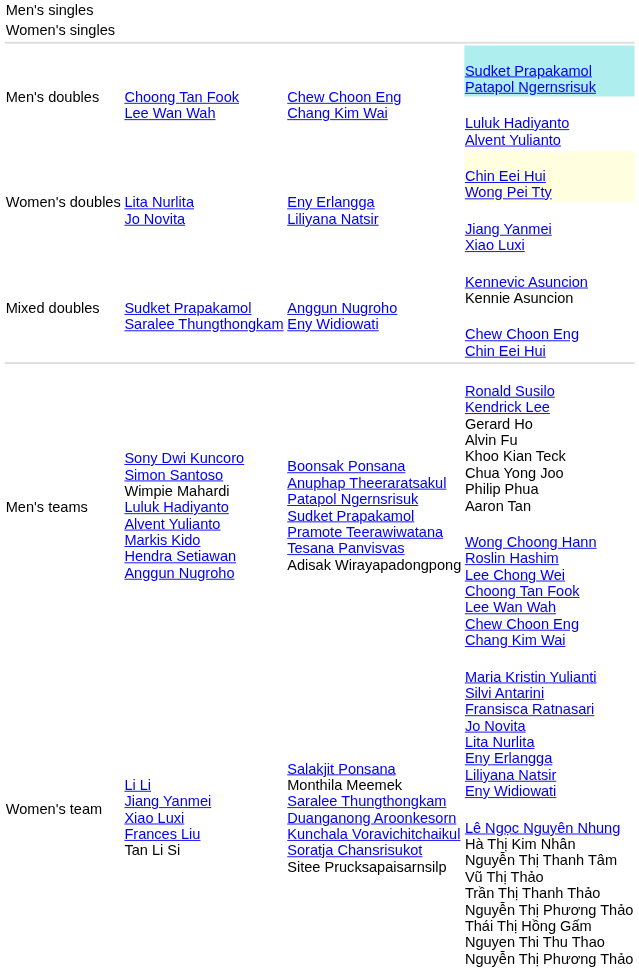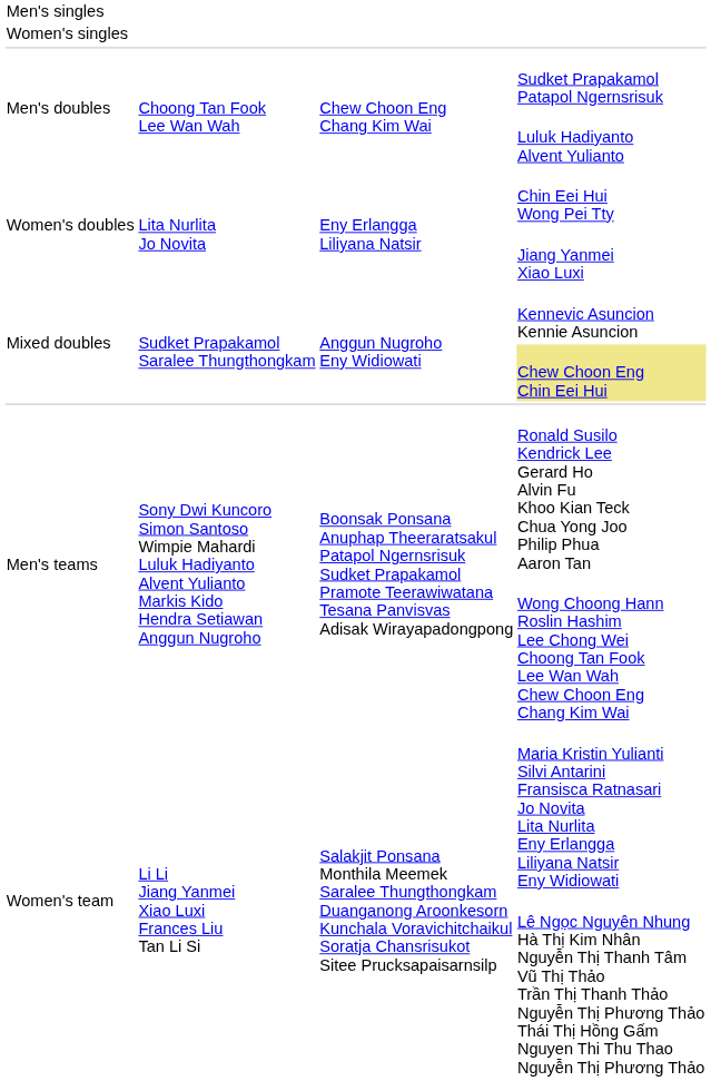 <table>
 <tr>
 <td rowspan=2>Men's singles</td>
 <td rowspan=2></td>
 <td rowspan=2></td>
 <td></td>
 </tr>
 <tr>
 <td></td>
 </tr>
 <tr>
 <td rowspan=2>Women's singles</td>
 <td rowspan=2></td>
 <td rowspan=2></td>
 <td></td>
 </tr>
 <tr>
 <td></td>
 </tr>
 <tr bgcolor=#dddddd>
 <td colspan=4></td>
 </tr>
 <tr>
 <td rowspan=2>Men's doubles</td>
 <td rowspan=2><br> <a href='#'>Choong Tan Fook</a><br><a href='#'>Lee Wan Wah</a></td>
 <td rowspan=2><br> <a href='#'>Chew Choon Eng</a><br><a href='#'>Chang Kim Wai</a></td>
-<td style="background: paleturquoise;"><br> <a href='#'>Sudket Prapakamol</a><br><a href='#'>Patapol Ngernsrisuk</a></td>
+<td><br> <a href='#'>Sudket Prapakamol</a><br><a href='#'>Patapol Ngernsrisuk</a></td>
 </tr>
 <tr>
 <td><br> <a href='#'>Luluk Hadiyanto</a><br><a href='#'>Alvent Yulianto</a></td>
 </tr>
 <tr>
 <td rowspan=2>Women's doubles</td>
 <td rowspan=2><br> <a href='#'>Lita Nurlita</a><br><a href='#'>Jo Novita</a></td>
 <td rowspan=2><br> <a href='#'>Eny Erlangga</a><br><a href='#'>Liliyana Natsir</a></td>
-<td style="background: lightyellow;"><br> <a href='#'>Chin Eei Hui</a><br><a href='#'>Wong Pei Tty</a></td>
+<td><br> <a href='#'>Chin Eei Hui</a><br><a href='#'>Wong Pei Tty</a></td>
 </tr>
 <tr>
 <td><br> <a href='#'>Jiang Yanmei</a><br><a href='#'>Xiao Luxi</a></td>
 </tr>
 <tr>
 <td rowspan=2>Mixed doubles</td>
 <td rowspan=2 nowrap><br> <a href='#'>Sudket Prapakamol</a><br><a href='#'>Saralee Thungthongkam</a></td>
 <td rowspan=2><br> <a href='#'>Anggun Nugroho</a><br><a href='#'>Eny Widiowati</a></td>
 <td><br> <a href='#'>Kennevic Asuncion</a><br>Kennie Asuncion</td>
 </tr>
 <tr>
-<td><br> <a href='#'>Chew Choon Eng</a><br><a href='#'>Chin Eei Hui</a></td>
+<td style="background: khaki;"><br> <a href='#'>Chew Choon Eng</a><br><a href='#'>Chin Eei Hui</a></td>
 </tr>
 <tr bgcolor=#dddddd>
 <td colspan=4></td>
 </tr>
 <tr>
 <td rowspan=2>Men's teams</td>
 <td rowspan=2><br><a href='#'>Sony Dwi Kuncoro</a><br><a href='#'>Simon Santoso</a><br>Wimpie Mahardi<br><a href='#'>Luluk Hadiyanto</a><br><a href='#'>Alvent Yulianto</a><br><a href='#'>Markis Kido</a><br><a href='#'>Hendra Setiawan</a><br><a href='#'>Anggun Nugroho</a></td>
 <td rowspan=2><br><a href='#'>Boonsak Ponsana</a><br><a href='#'>Anuphap Theeraratsakul</a><br><a href='#'>Patapol Ngernsrisuk</a><br><a href='#'>Sudket Prapakamol</a><br><a href='#'>Pramote Teerawiwatana</a><br><a href='#'>Tesana Panvisvas</a><br>Adisak Wirayapadongpong</td>
 <td><br><a href='#'>Ronald Susilo</a><br><a href='#'>Kendrick Lee</a><br>Gerard Ho<br>Alvin Fu<br>Khoo Kian Teck<br>Chua Yong Joo<br>Philip Phua<br>Aaron Tan</td>
 </tr>
 <tr>
 <td><br><a href='#'>Wong Choong Hann</a><br><a href='#'>Roslin Hashim</a><br><a href='#'>Lee Chong Wei</a><br><a href='#'>Choong Tan Fook</a><br><a href='#'>Lee Wan Wah</a><br><a href='#'>Chew Choon Eng</a><br><a href='#'>Chang Kim Wai</a><br></td>
 </tr>
 <tr>
 <td rowspan=2>Women's team</td>
 <td rowspan=2><br><a href='#'>Li Li</a><br><a href='#'>Jiang Yanmei</a><br><a href='#'>Xiao Luxi</a><br><a href='#'>Frances Liu</a><br>Tan Li Si</td>
 <td rowspan=2 nowrap><br><a href='#'>Salakjit Ponsana</a><br>Monthila Meemek<br><a href='#'>Saralee Thungthongkam</a><br><a href='#'>Duanganong Aroonkesorn</a><br><a href='#'>Kunchala Voravichitchaikul</a><br><a href='#'>Soratja Chansrisukot</a><br>Sitee Prucksapaisarnsilp</td>
 <td><br><a href='#'>Maria Kristin Yulianti</a><br><a href='#'>Silvi Antarini</a><br><a href='#'>Fransisca Ratnasari</a><br><a href='#'>Jo Novita</a><br><a href='#'>Lita Nurlita</a><br><a href='#'>Eny Erlangga</a><br><a href='#'>Liliyana Natsir</a><br><a href='#'>Eny Widiowati</a></td>
 </tr>
 <tr>
 <td nowrap><br><a href='#'>Lê Ngọc Nguyên Nhung</a><br>Hà Thị Kim Nhân<br>Nguyễn Thị Thanh Tâm<br>Vũ Thị Thảo<br>Trần Thị Thanh Thảo<br>Nguyễn Thị Phương Thảo<br>Thái Thị Hồng Gấm<br>Nguyen Thi Thu Thao<br>Nguyễn Thị Phương Thảo</td>
 </tr>
 </table>
